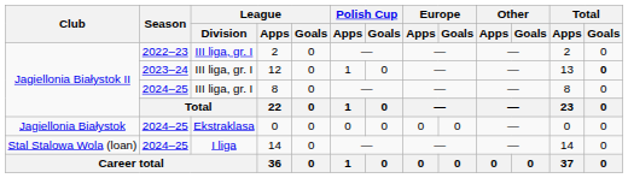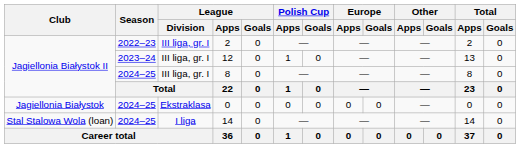 <table class="wikitable" style="text-align: center;">
 <tr>
 <th rowspan="2">Club</th>
 <th rowspan="2">Season</th>
 <th colspan="3">League</th>
 <th colspan="2"><a href='#'>Polish Cup</a></th>
 <th colspan="2">Europe</th>
 <th colspan="2">Other</th>
 <th colspan="2">Total</th>
 </tr>
 <tr>
 <th>Division</th>
 <th>Apps</th>
 <th>Goals</th>
 <th>Apps</th>
 <th>Goals</th>
 <th>Apps</th>
 <th>Goals</th>
 <th>Apps</th>
 <th>Goals</th>
 <th>Apps</th>
 <th>Goals</th>
 </tr>
 <tr>
 <td rowspan="4"><a href='#'>Jagiellonia Białystok II</a></td>
 <td><a href='#'>2022–23</a></td>
 <td><a href='#'>III liga, gr. I</a></td>
 <td>2</td>
 <td>0</td>
 <td colspan="2">—</td>
 <td colspan="2">—</td>
 <td colspan="2">—</td>
 <td>2</td>
 <td>0</td>
 </tr>
 <tr>
 <td><a href='#'>2023–24</a></td>
 <td>III liga, gr. I</td>
 <td>12</td>
 <td>0</td>
 <td>1</td>
 <td>0</td>
 <td colspan="2">—</td>
 <td colspan="2">—</td>
 <td>13</td>
-<td><strong>0</strong></td>
+<td>0</td>
 </tr>
 <tr>
 <td><a href='#'>2024–25</a></td>
 <td>III liga, gr. I</td>
 <td>8</td>
 <td>0</td>
 <td colspan="2">—</td>
 <td colspan="2">—</td>
 <td colspan="2">—</td>
 <td>8</td>
 <td>0</td>
 </tr>
 <tr>
 <th colspan="2">Total</th>
 <th>22</th>
 <th>0</th>
 <th>1</th>
 <th>0</th>
 <th colspan="2">—</th>
 <th colspan="2">—</th>
 <th>23</th>
 <th>0</th>
 </tr>
 <tr>
 <td><a href='#'>Jagiellonia Białystok</a></td>
 <td><a href='#'>2024–25</a></td>
 <td><a href='#'>Ekstraklasa</a></td>
 <td>0</td>
 <td>0</td>
 <td>0</td>
 <td>0</td>
 <td>0</td>
 <td>0</td>
 <td colspan="2">—</td>
 <td>0</td>
 <td>0</td>
 </tr>
 <tr>
 <td><a href='#'>Stal Stalowa Wola</a> (loan)</td>
 <td><a href='#'>2024–25</a></td>
 <td><a href='#'>I liga</a></td>
 <td>14</td>
 <td>0</td>
 <td colspan="2">—</td>
 <td colspan="2">—</td>
 <td colspan="2">—</td>
 <td>14</td>
 <td>0</td>
 </tr>
 <tr>
 <th colspan="3">Career total</th>
 <th>36</th>
 <th>0</th>
 <th>1</th>
 <th>0</th>
 <th>0</th>
 <th>0</th>
 <th>0</th>
 <th>0</th>
 <th>37</th>
 <th>0</th>
 </tr>
 </table>
